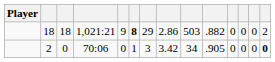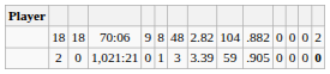 <table class="wikitable sortable" style="text-align:center;">
 <tr>
 <th>Player</th>
 <th></th>
 <th></th>
 <th></th>
 <th></th>
 <th></th>
 <th></th>
 <th></th>
 <th></th>
 <th></th>
 <th></th>
 <th></th>
 <th></th>
 <th></th>
 </tr>
 <tr>
 <td></td>
 <td>18</td>
 <td>18</td>
-<td>1,021:21</td>
+<td>70:06</td>
 <td>9</td>
-<td><strong>8</strong></td>
-<td>29</td>
-<td>2.86</td>
-<td>503</td>
+<td>8</td>
+<td>48</td>
+<td>2.82</td>
+<td>104</td>
 <td>.882</td>
 <td>0</td>
 <td>0</td>
 <td>0</td>
 <td>2</td>
 </tr>
 <tr>
 <td></td>
 <td>2</td>
 <td>0</td>
-<td>70:06</td>
+<td>1,021:21</td>
 <td>0</td>
 <td>1</td>
 <td>3</td>
-<td>3.42</td>
-<td>34</td>
+<td>3.39</td>
+<td>59</td>
 <td>.905</td>
 <td>0</td>
 <td>0</td>
 <td>0</td>
 <td><strong>0</strong></td>
 </tr>
 </table>
